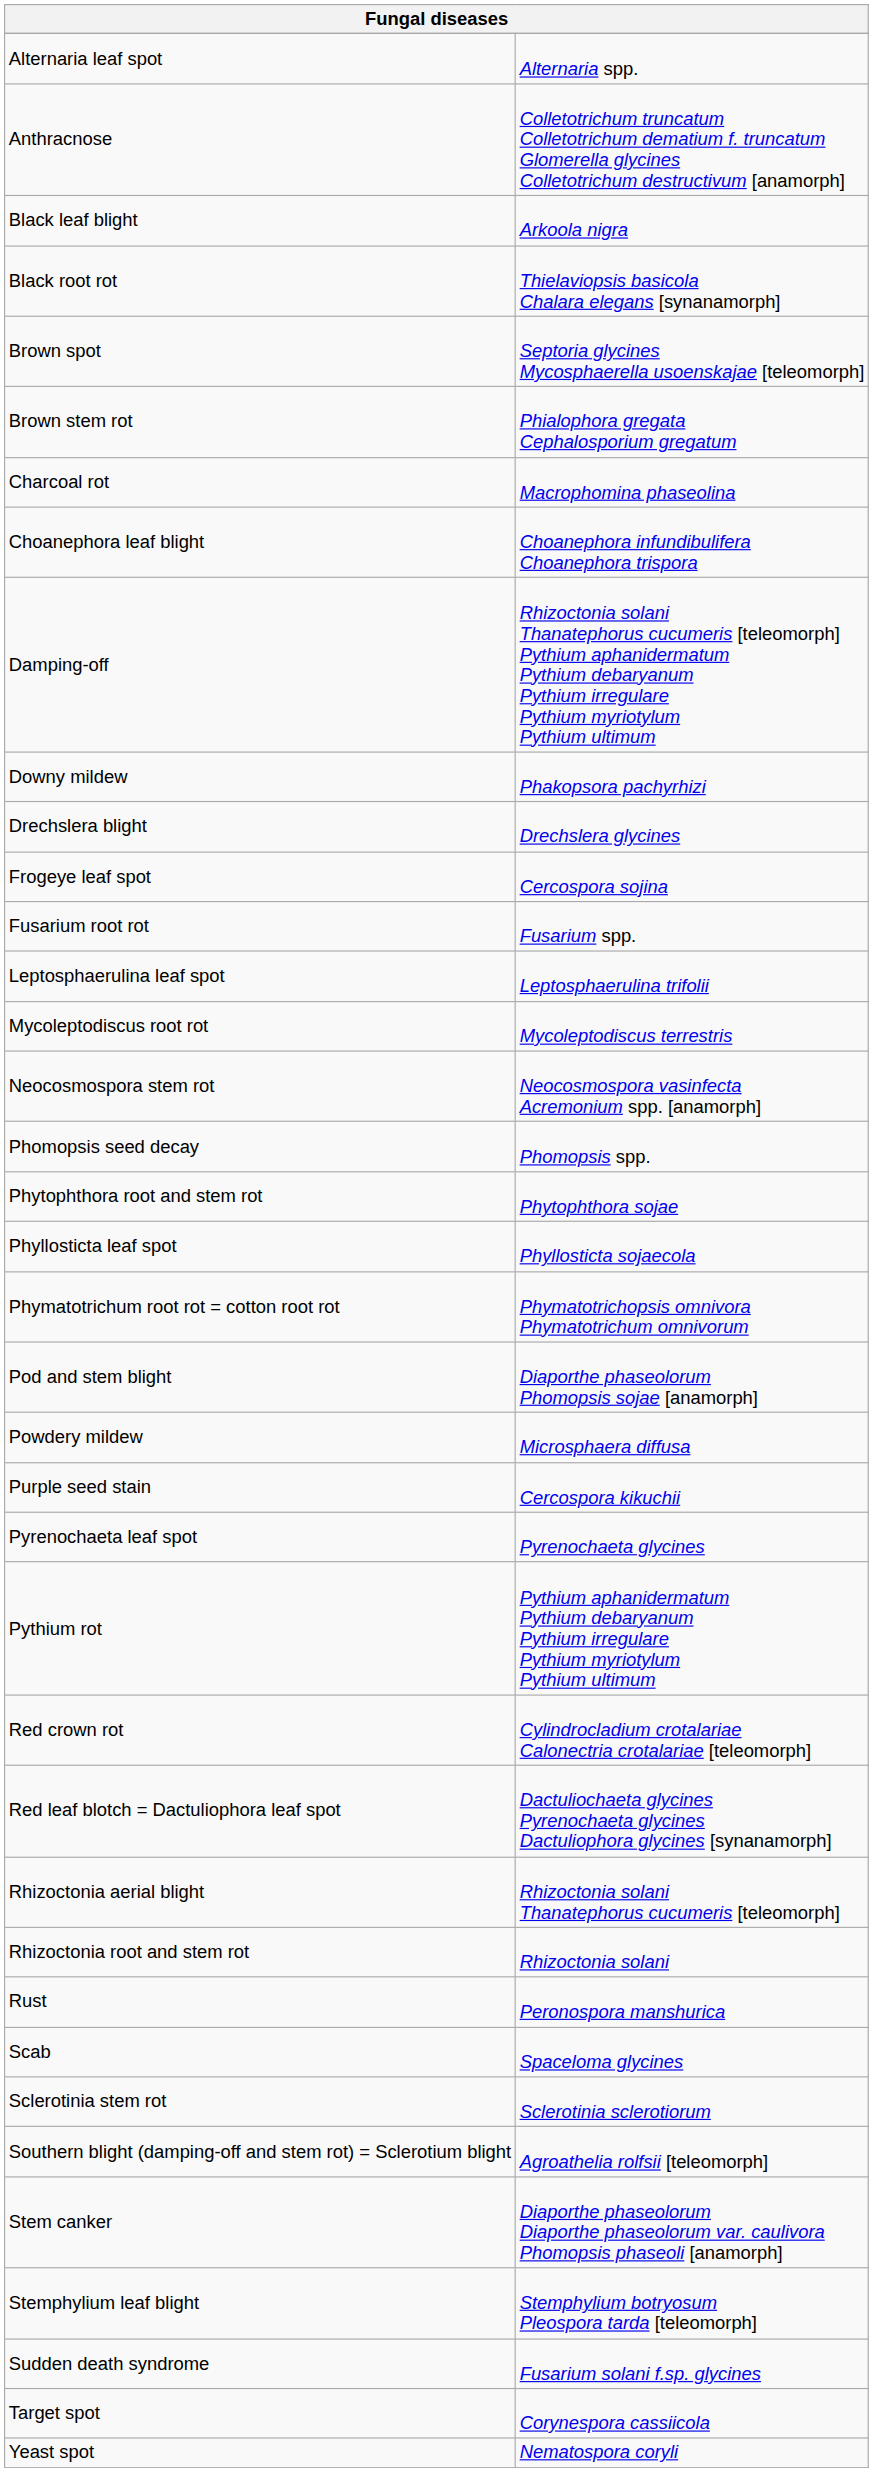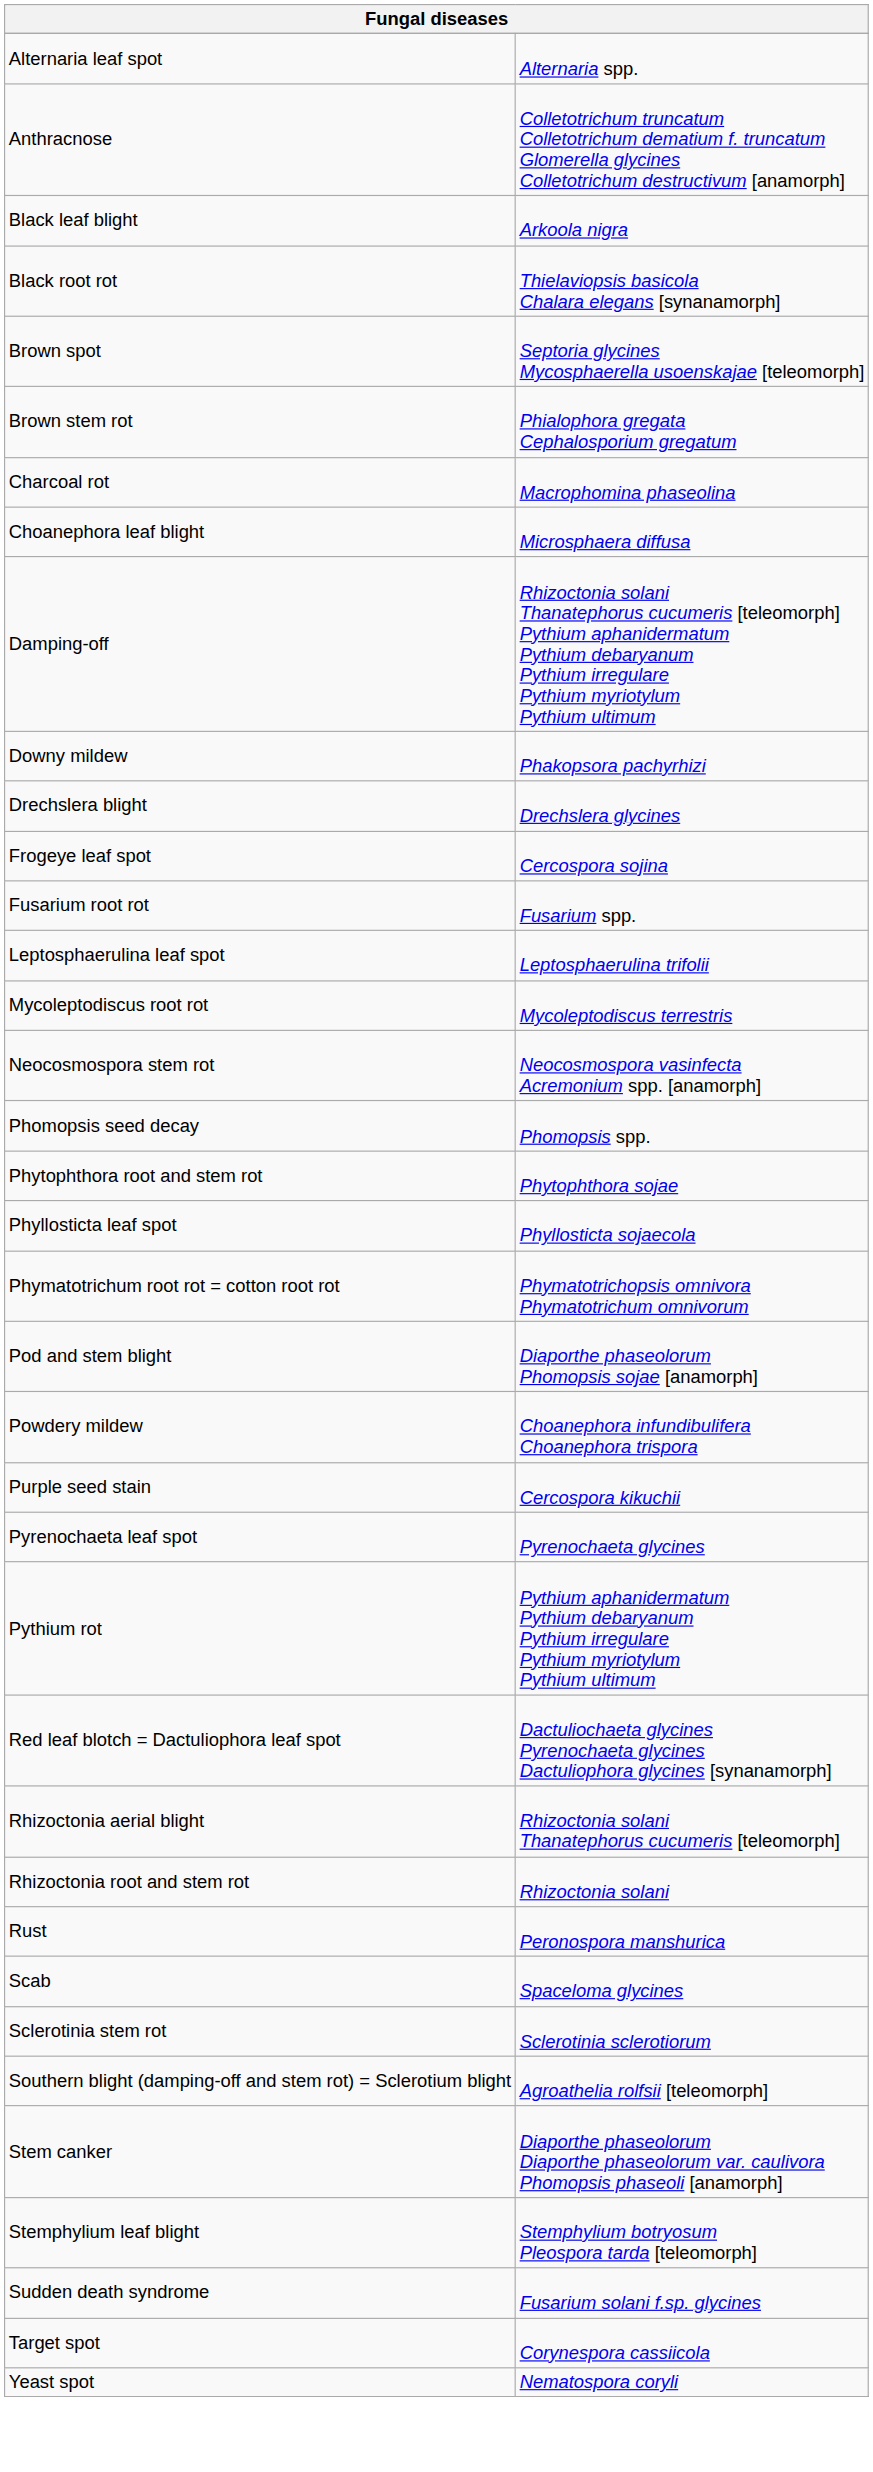 <table class="wikitable" style="clear">
 <tr>
 <th colspan=2><strong>Fungal diseases</strong><br></th>
 </tr>
 <tr>
 </tr>
 <tr>
 <td>Alternaria leaf spot</td>
 <td><br><em><a href='#'>Alternaria</a></em> spp.</td>
 </tr>
 <tr>
 <td>Anthracnose</td>
 <td><br><em><a href='#'>Colletotrichum truncatum</a></em><br> <em><a href='#'>Colletotrichum dematium f. truncatum</a></em><br> <em><a href='#'>Glomerella glycines</a></em><br> <em><a href='#'>Colletotrichum destructivum</a></em> [anamorph]</td>
 </tr>
 <tr>
 <td>Black leaf blight</td>
 <td><br><em><a href='#'>Arkoola nigra</a></em></td>
 </tr>
 <tr>
 <td>Black root rot</td>
 <td><br><em><a href='#'>Thielaviopsis basicola</a></em><br> <em><a href='#'>Chalara elegans</a></em> [synanamorph]</td>
 </tr>
 <tr>
 <td>Brown spot</td>
 <td><br><em><a href='#'>Septoria glycines</a></em><br> <em><a href='#'>Mycosphaerella usoenskajae</a></em> [teleomorph]</td>
 </tr>
 <tr>
 <td>Brown stem rot</td>
 <td><br><em><a href='#'>Phialophora gregata</a></em> <br>  <em><a href='#'>Cephalosporium gregatum</a></em></td>
 </tr>
 <tr>
 <td>Charcoal rot</td>
 <td><br><em><a href='#'>Macrophomina phaseolina</a></em></td>
 </tr>
 <tr>
 <td>Choanephora leaf blight</td>
-<td><br><em><a href='#'>Choanephora infundibulifera</a></em><br> <em><a href='#'>Choanephora trispora</a></em></td>
+<td><br><em><a href='#'>Microsphaera diffusa</a></em></td>
 </tr>
 <tr>
 <td>Damping-off</td>
 <td><br><em><a href='#'>Rhizoctonia solani</a></em><br> <em><a href='#'>Thanatephorus cucumeris</a></em> [teleomorph] <br> <em><a href='#'>Pythium aphanidermatum</a></em><br> <em><a href='#'>Pythium debaryanum</a></em><br> <em><a href='#'>Pythium irregulare</a></em><br> <em><a href='#'>Pythium myriotylum</a></em><br> <em><a href='#'>Pythium ultimum</a></em></td>
 </tr>
 <tr>
 <td>Downy mildew</td>
 <td><br><em><a href='#'>Phakopsora pachyrhizi</a></em></td>
 </tr>
 <tr>
 <td>Drechslera blight</td>
 <td><br><em><a href='#'>Drechslera glycines</a></em></td>
 </tr>
 <tr>
 <td>Frogeye leaf spot</td>
 <td><br><em><a href='#'>Cercospora sojina</a></em></td>
 </tr>
 <tr>
 <td>Fusarium root rot </td>
 <td><br><em><a href='#'>Fusarium</a></em> spp.</td>
 </tr>
 <tr>
 <td>Leptosphaerulina leaf spot</td>
 <td><br><em><a href='#'>Leptosphaerulina trifolii</a></em></td>
 </tr>
 <tr>
 <td>Mycoleptodiscus root rot</td>
 <td><br><em><a href='#'>Mycoleptodiscus terrestris</a></em></td>
 </tr>
 <tr>
 <td>Neocosmospora stem rot</td>
 <td><br><em><a href='#'>Neocosmospora vasinfecta</a></em><br> <em><a href='#'>Acremonium</a></em> spp. [anamorph]</td>
 </tr>
 <tr>
 <td>Phomopsis seed decay</td>
 <td><br><em><a href='#'>Phomopsis</a></em> spp.</td>
 </tr>
 <tr>
 <td>Phytophthora root and stem rot</td>
 <td><br><em><a href='#'>Phytophthora sojae</a></em></td>
 </tr>
 <tr>
 <td>Phyllosticta leaf spot</td>
 <td><br><em><a href='#'>Phyllosticta sojaecola</a></em></td>
 </tr>
 <tr>
 <td>Phymatotrichum root rot = cotton root rot</td>
 <td><br><em><a href='#'>Phymatotrichopsis omnivora</a></em> <br>  <em><a href='#'>Phymatotrichum omnivorum</a></em></td>
 </tr>
 <tr>
 <td>Pod and stem blight</td>
 <td><br><em><a href='#'>Diaporthe phaseolorum</a></em><br> <em><a href='#'>Phomopsis sojae</a></em> [anamorph]</td>
 </tr>
 <tr>
 <td>Powdery mildew</td>
-<td><br><em><a href='#'>Microsphaera diffusa</a></em></td>
+<td><br><em><a href='#'>Choanephora infundibulifera</a></em><br> <em><a href='#'>Choanephora trispora</a></em></td>
 </tr>
 <tr>
 <td>Purple seed stain</td>
 <td><br><em><a href='#'>Cercospora kikuchii</a></em></td>
 </tr>
 <tr>
 <td>Pyrenochaeta leaf spot</td>
 <td><br><em><a href='#'>Pyrenochaeta glycines</a></em></td>
 </tr>
 <tr>
 <td>Pythium rot</td>
 <td><br><em><a href='#'>Pythium aphanidermatum</a></em><br> <em><a href='#'>Pythium debaryanum</a></em><br> <em><a href='#'>Pythium irregulare</a></em><br> <em><a href='#'>Pythium myriotylum</a></em><br> <em><a href='#'>Pythium ultimum</a></em></td>
-</tr>
-<tr>
-<td>Red crown rot</td>
-<td><br><em><a href='#'>Cylindrocladium crotalariae</a></em><br> <em><a href='#'>Calonectria crotalariae</a></em> [teleomorph]</td>
 </tr>
 <tr>
 <td>Red leaf blotch = Dactuliophora leaf spot</td>
 <td><br><em><a href='#'>Dactuliochaeta glycines</a></em> <br>  <em><a href='#'>Pyrenochaeta glycines</a></em><br> <em><a href='#'>Dactuliophora glycines</a></em> [synanamorph]</td>
 </tr>
 <tr>
 <td>Rhizoctonia aerial blight</td>
 <td><br><em><a href='#'>Rhizoctonia solani</a></em><br> <em><a href='#'>Thanatephorus cucumeris</a></em> [teleomorph]</td>
 </tr>
 <tr>
 <td>Rhizoctonia root and stem rot</td>
 <td><br><em><a href='#'>Rhizoctonia solani</a></em></td>
 </tr>
 <tr>
 <td>Rust</td>
 <td><br><em><a href='#'>Peronospora manshurica</a></em></td>
 </tr>
 <tr>
 <td>Scab</td>
 <td><br><em><a href='#'>Spaceloma glycines</a></em></td>
 </tr>
 <tr>
 <td>Sclerotinia stem rot</td>
 <td><br><em><a href='#'>Sclerotinia sclerotiorum</a></em></td>
 </tr>
 <tr>
 <td>Southern blight (damping-off and stem rot) = Sclerotium blight</td>
 <td><br><em><a href='#'>Agroathelia rolfsii</a></em> [teleomorph]</td>
 </tr>
 <tr>
 <td>Stem canker</td>
 <td><br><em><a href='#'>Diaporthe phaseolorum</a></em><br> <em><a href='#'>Diaporthe phaseolorum var. caulivora</a></em><br> <em><a href='#'>Phomopsis phaseoli</a></em> [anamorph]</td>
 </tr>
 <tr>
 <td>Stemphylium leaf blight</td>
 <td><br><em><a href='#'>Stemphylium botryosum</a></em><br> <em><a href='#'>Pleospora tarda</a></em> [teleomorph]</td>
 </tr>
 <tr>
 <td>Sudden death syndrome</td>
 <td><br><em><a href='#'>Fusarium solani f.sp. glycines</a></em></td>
 </tr>
 <tr>
 <td>Target spot</td>
 <td><br><em><a href='#'>Corynespora cassiicola</a></em></td>
 </tr>
 <tr>
 <td>Yeast spot</td>
 <td><em><a href='#'>Nematospora coryli</a></em></td>
 </tr>
 <tr>
 </tr>
 </table>
